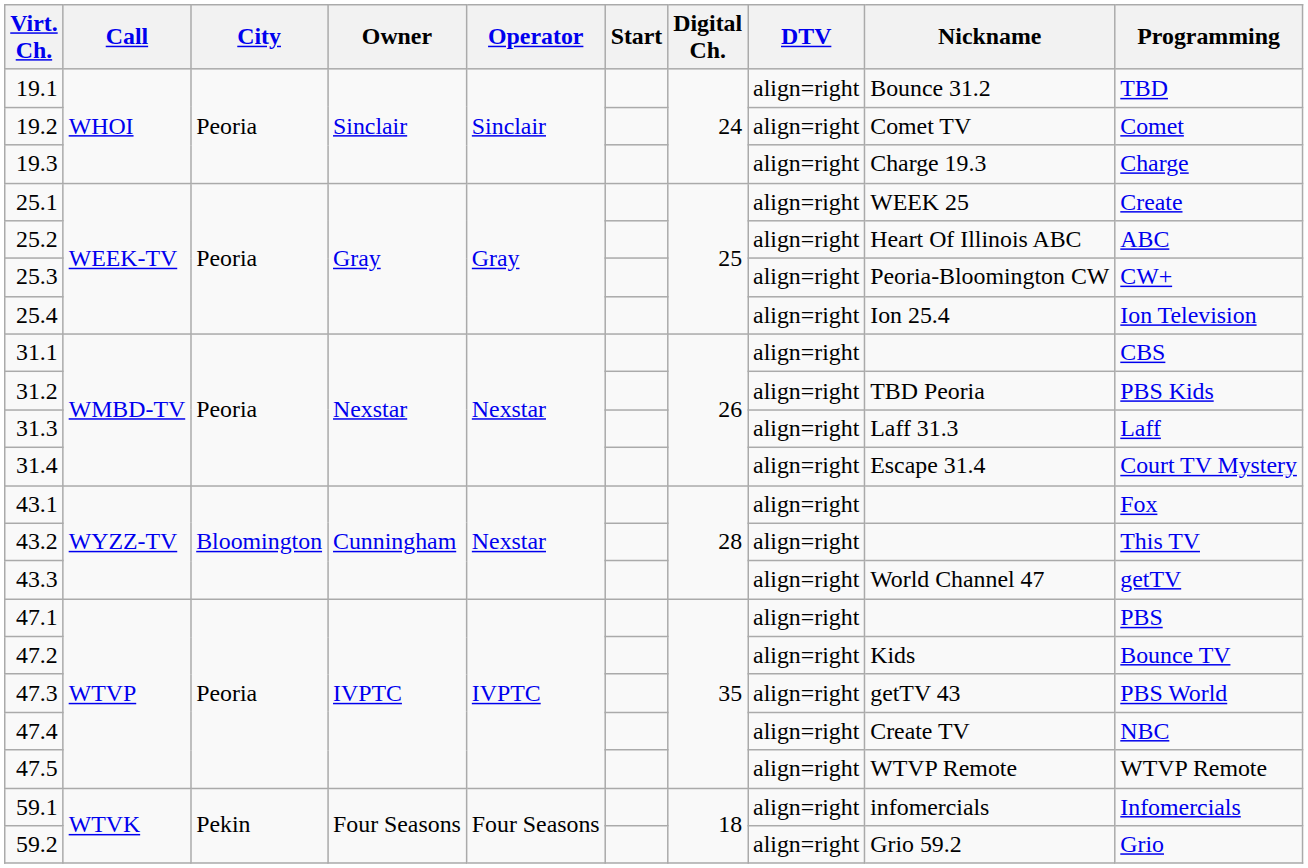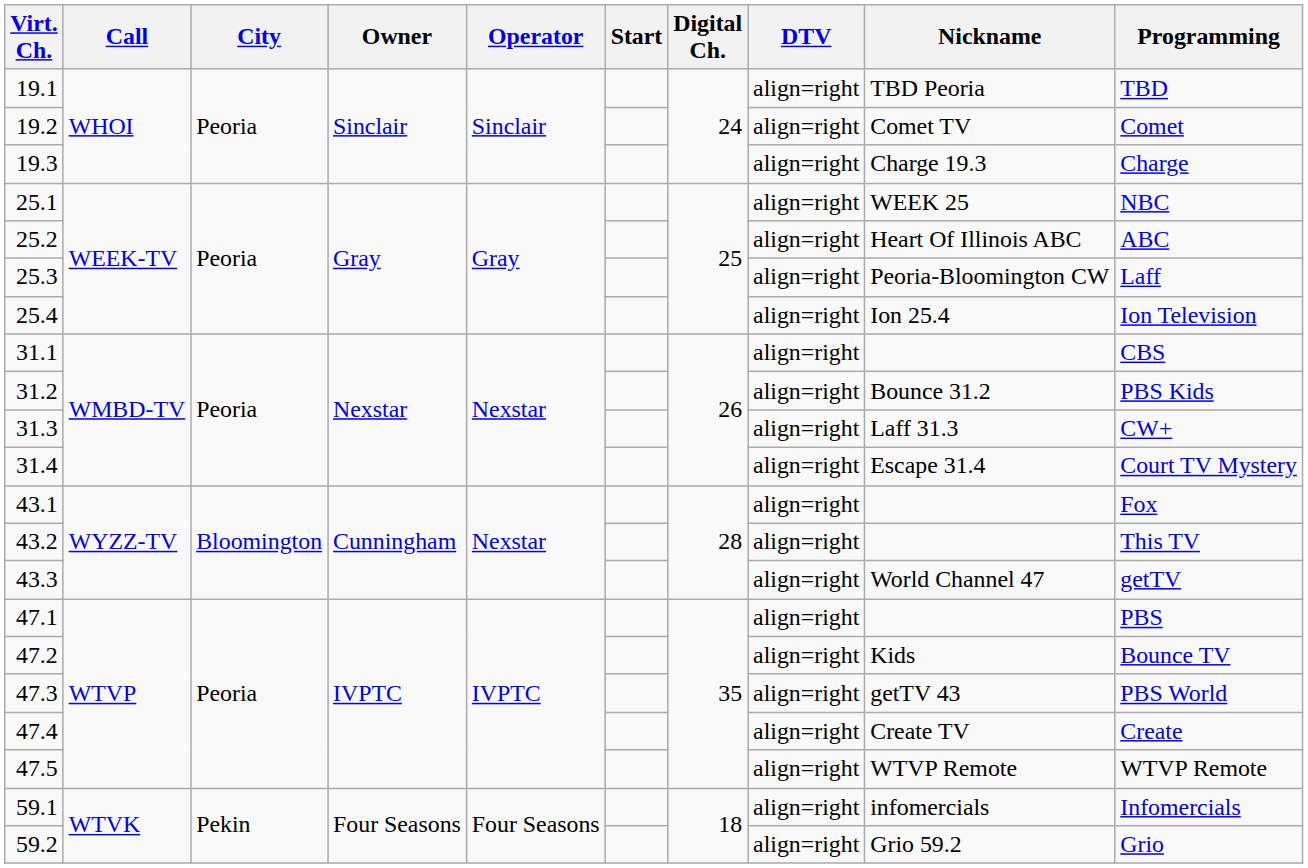 <table class="wikitable sortable">
 <tr>
 <th><a href='#'>Virt.<br>Ch.</a></th>
 <th><a href='#'>Call</a></th>
 <th><a href='#'>City</a></th>
 <th>Owner</th>
 <th><a href='#'>Operator</a></th>
 <th>Start</th>
 <th>Digital<br>Ch.</th>
 <th><a href='#'>DTV</a></th>
 <th>Nickname</th>
 <th>Programming</th>
 </tr>
 <tr>
 <td align=right>19.1</td>
 <td rowspan=3><a href='#'>WHOI</a></td>
 <td rowspan=3>Peoria</td>
 <td rowspan=3><a href='#'>Sinclair</a></td>
 <td rowspan=3><a href='#'>Sinclair</a></td>
 <td align=right></td>
 <td rowspan=3 align=right>24</td>
 <td>align=right </td>
-<td>Bounce 31.2</td>
+<td>TBD Peoria</td>
 <td><a href='#'>TBD</a></td>
 </tr>
 <tr>
 <td align=right>19.2</td>
 <td></td>
 <td>align=right </td>
 <td>Comet TV</td>
 <td><a href='#'>Comet</a></td>
 </tr>
 <tr>
 <td align=right>19.3</td>
 <td></td>
 <td>align=right </td>
 <td>Charge 19.3</td>
 <td><a href='#'>Charge</a></td>
 </tr>
 <tr>
 <td align=right>25.1</td>
 <td rowspan=4><a href='#'>WEEK-TV</a></td>
 <td rowspan=4>Peoria</td>
 <td rowspan=4><a href='#'>Gray</a></td>
 <td rowspan=4><a href='#'>Gray</a></td>
 <td align=right></td>
 <td rowspan=4 align=right>25</td>
 <td>align=right </td>
 <td>WEEK 25</td>
-<td><a href='#'>Create</a></td>
+<td><a href='#'>NBC</a></td>
 </tr>
 <tr>
 <td align=right>25.2</td>
 <td align=right></td>
 <td>align=right </td>
 <td>Heart Of Illinois ABC</td>
 <td><a href='#'>ABC</a></td>
 </tr>
 <tr>
 <td align=right>25.3</td>
 <td align=right></td>
 <td>align=right </td>
 <td>Peoria-Bloomington CW</td>
-<td><a href='#'>CW+</a></td>
+<td><a href='#'>Laff</a></td>
 </tr>
 <tr>
 <td align=right>25.4</td>
 <td></td>
 <td>align=right </td>
 <td>Ion 25.4</td>
 <td><a href='#'>Ion Television</a></td>
 </tr>
 <tr>
 <td align=right>31.1</td>
 <td rowspan=4><a href='#'>WMBD-TV</a></td>
 <td rowspan=4>Peoria</td>
 <td rowspan=4><a href='#'>Nexstar</a></td>
 <td rowspan=4><a href='#'>Nexstar</a></td>
 <td align=right></td>
 <td rowspan=4 align=right>26</td>
 <td>align=right </td>
 <td></td>
 <td><a href='#'>CBS</a></td>
 </tr>
 <tr>
 <td align=right>31.2</td>
 <td align=right></td>
 <td>align=right </td>
-<td>TBD Peoria</td>
+<td>Bounce 31.2</td>
 <td><a href='#'>PBS Kids</a></td>
 </tr>
 <tr>
 <td align=right>31.3</td>
 <td></td>
 <td>align=right </td>
 <td>Laff 31.3</td>
-<td><a href='#'>Laff</a></td>
+<td><a href='#'>CW+</a></td>
 </tr>
 <tr>
 <td align=right>31.4</td>
 <td></td>
 <td>align=right </td>
 <td>Escape 31.4</td>
 <td><a href='#'>Court TV Mystery</a></td>
 </tr>
 <tr>
 <td align=right>43.1</td>
 <td rowspan=3><a href='#'>WYZZ-TV</a></td>
 <td rowspan=3><a href='#'>Bloomington</a></td>
 <td rowspan=3><a href='#'>Cunningham</a></td>
 <td rowspan=3><a href='#'>Nexstar</a></td>
 <td align=right></td>
 <td rowspan=3 align=right>28</td>
 <td>align=right </td>
 <td></td>
 <td><a href='#'>Fox</a></td>
 </tr>
 <tr>
 <td align=right>43.2</td>
 <td></td>
 <td>align=right </td>
 <td></td>
 <td><a href='#'>This TV</a></td>
 </tr>
 <tr>
 <td align=right>43.3</td>
 <td></td>
 <td>align=right </td>
 <td>World Channel 47</td>
 <td><a href='#'>getTV</a></td>
 </tr>
 <tr>
 <td align=right>47.1</td>
 <td rowspan=5><a href='#'>WTVP</a></td>
 <td rowspan=5>Peoria</td>
 <td rowspan=5><a href='#'>IVPTC</a></td>
 <td rowspan=5><a href='#'>IVPTC</a></td>
 <td align=right></td>
 <td rowspan=5 align=right>35</td>
 <td>align=right </td>
 <td></td>
 <td><a href='#'>PBS</a></td>
 </tr>
 <tr>
 <td align=right>47.2</td>
 <td></td>
 <td>align=right </td>
 <td>Kids</td>
 <td><a href='#'>Bounce TV</a></td>
 </tr>
 <tr>
 <td align=right>47.3</td>
 <td></td>
 <td>align=right </td>
 <td>getTV 43</td>
 <td><a href='#'>PBS World</a></td>
 </tr>
 <tr>
 <td align=right>47.4</td>
 <td></td>
 <td>align=right </td>
 <td>Create TV</td>
-<td><a href='#'>NBC</a></td>
+<td><a href='#'>Create</a></td>
 </tr>
 <tr>
 <td align=right>47.5</td>
 <td></td>
 <td>align=right </td>
 <td>WTVP Remote</td>
 <td>WTVP Remote</td>
 </tr>
 <tr>
 <td align=right>59.1</td>
 <td rowspan=2><a href='#'>WTVK</a></td>
 <td rowspan=2>Pekin</td>
 <td rowspan=2>Four Seasons</td>
 <td rowspan=2>Four Seasons</td>
 <td></td>
 <td rowspan=2 align=right>18</td>
 <td>align=right </td>
 <td>infomercials</td>
 <td><a href='#'>Infomercials</a></td>
 </tr>
 <tr>
 <td align=right>59.2</td>
 <td></td>
 <td>align=right </td>
 <td>Grio 59.2</td>
 <td><a href='#'>Grio</a></td>
 </tr>
 </table>
